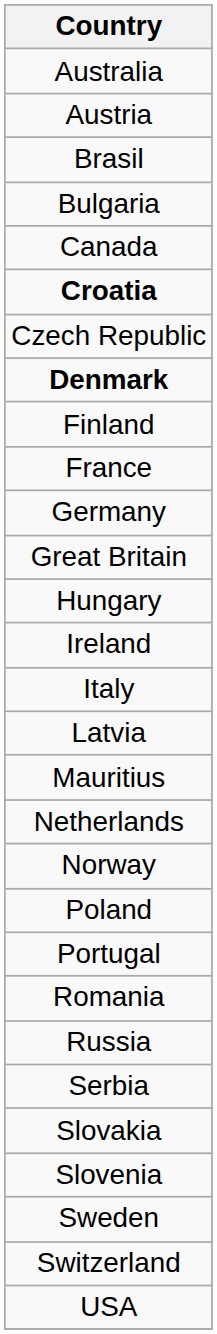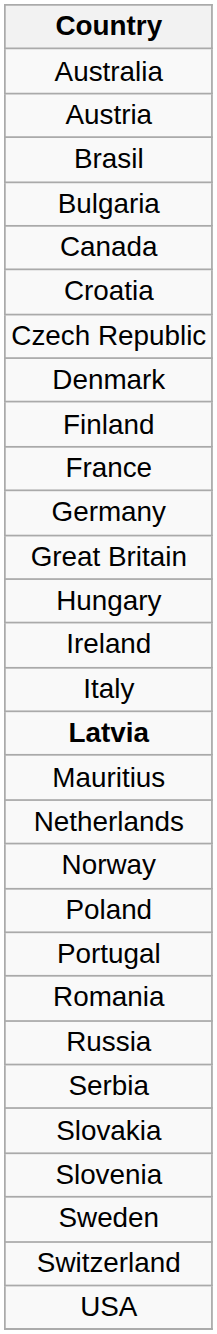 <table class="wikitable" style="text-align:center">
 <tr>
 <th>Country</th>
 </tr>
 <tr>
 <td>Australia</td>
 </tr>
 <tr>
 <td>Austria</td>
 </tr>
 <tr>
 <td>Brasil</td>
 </tr>
 <tr>
 <td>Bulgaria</td>
 </tr>
 <tr>
 <td>Canada</td>
 </tr>
 <tr>
-<td><strong>Croatia</strong></td>
+<td>Croatia</td>
 </tr>
 <tr>
 <td>Czech Republic</td>
 </tr>
 <tr>
-<td><strong>Denmark</strong></td>
+<td>Denmark</td>
 </tr>
 <tr>
 <td>Finland</td>
 </tr>
 <tr>
 <td>France</td>
 </tr>
 <tr>
 <td>Germany</td>
 </tr>
 <tr>
 <td>Great Britain</td>
 </tr>
 <tr>
 <td>Hungary</td>
 </tr>
 <tr>
 <td>Ireland</td>
 </tr>
 <tr>
 <td>Italy</td>
 </tr>
 <tr>
-<td>Latvia</td>
+<td><strong>Latvia</strong></td>
 </tr>
 <tr>
 <td>Mauritius</td>
 </tr>
 <tr>
 <td>Netherlands</td>
 </tr>
 <tr>
 <td>Norway</td>
 </tr>
 <tr>
 <td>Poland</td>
 </tr>
 <tr>
 <td>Portugal</td>
 </tr>
 <tr>
 <td>Romania</td>
 </tr>
 <tr>
 <td>Russia</td>
 </tr>
 <tr>
 <td>Serbia</td>
 </tr>
 <tr>
 <td>Slovakia</td>
 </tr>
 <tr>
 <td>Slovenia</td>
 </tr>
 <tr>
 <td>Sweden</td>
 </tr>
 <tr>
 <td>Switzerland</td>
 </tr>
 <tr>
 <td>USA</td>
 </tr>
 <tr>
 </tr>
 </table>
